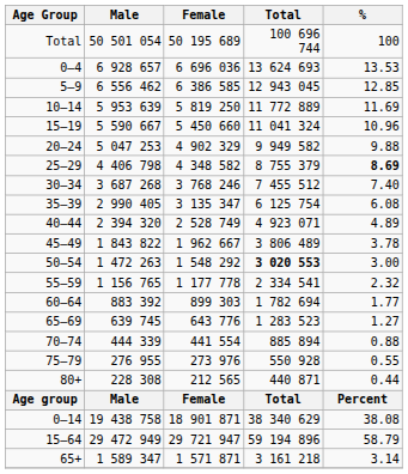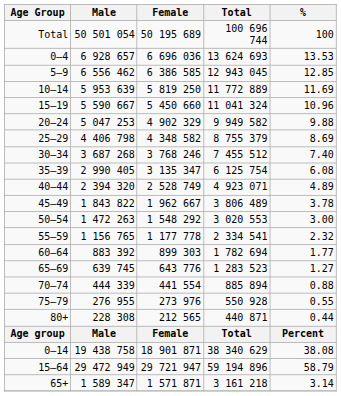 <table class="wikitable">
 <tr>
 <th width="80pt">Age Group</th>
 <th width="80pt">Male</th>
 <th width="80pt">Female</th>
 <th width="80pt">Total</th>
 <th width="80pt">%</th>
 </tr>
 <tr>
 <td align="right">Total</td>
 <td align="right">50 501 054</td>
 <td align="right">50 195 689</td>
 <td align="right">100 696 744</td>
 <td align="right">100</td>
 </tr>
 <tr>
 <td align="right">0–4</td>
 <td align="right">6 928 657</td>
 <td align="right">6 696 036</td>
 <td align="right">13 624 693</td>
 <td align="right">13.53</td>
 </tr>
 <tr>
 <td align="right">5–9</td>
 <td align="right">6 556 462</td>
 <td align="right">6 386 585</td>
 <td align="right">12 943 045</td>
 <td align="right">12.85</td>
 </tr>
 <tr>
 <td align="right">10–14</td>
 <td align="right">5 953 639</td>
 <td align="right">5 819 250</td>
 <td align="right">11 772 889</td>
 <td align="right">11.69</td>
 </tr>
 <tr>
 <td align="right">15–19</td>
 <td align="right">5 590 667</td>
 <td align="right">5 450 660</td>
 <td align="right">11 041 324</td>
 <td align="right">10.96</td>
 </tr>
 <tr>
 <td align="right">20–24</td>
 <td align="right">5 047 253</td>
 <td align="right">4 902 329</td>
 <td align="right">9 949 582</td>
 <td align="right">9.88</td>
 </tr>
 <tr>
 <td align="right">25–29</td>
 <td align="right">4 406 798</td>
 <td align="right">4 348 582</td>
 <td align="right">8 755 379</td>
-<td align="right"><strong>8.69</strong></td>
+<td align="right">8.69</td>
 </tr>
 <tr>
 <td align="right">30–34</td>
 <td align="right">3 687 268</td>
 <td align="right">3 768 246</td>
 <td align="right">7 455 512</td>
 <td align="right">7.40</td>
 </tr>
 <tr>
 <td align="right">35–39</td>
 <td align="right">2 990 405</td>
 <td align="right">3 135 347</td>
 <td align="right">6 125 754</td>
 <td align="right">6.08</td>
 </tr>
 <tr>
 <td align="right">40–44</td>
 <td align="right">2 394 320</td>
 <td align="right">2 528 749</td>
 <td align="right">4 923 071</td>
 <td align="right">4.89</td>
 </tr>
 <tr>
 <td align="right">45–49</td>
 <td align="right">1 843 822</td>
 <td align="right">1 962 667</td>
 <td align="right">3 806 489</td>
 <td align="right">3.78</td>
 </tr>
 <tr>
 <td align="right">50–54</td>
 <td align="right">1 472 263</td>
 <td align="right">1 548 292</td>
-<td align="right"><strong>3 020 553</strong></td>
+<td align="right">3 020 553</td>
 <td align="right">3.00</td>
 </tr>
 <tr>
 <td align="right">55–59</td>
 <td align="right">1 156 765</td>
 <td align="right">1 177 778</td>
 <td align="right">2 334 541</td>
 <td align="right">2.32</td>
 </tr>
 <tr>
 <td align="right">60–64</td>
 <td align="right">883 392</td>
 <td align="right">899 303</td>
 <td align="right">1 782 694</td>
 <td align="right">1.77</td>
 </tr>
 <tr>
 <td align="right">65–69</td>
 <td align="right">639 745</td>
 <td align="right">643 776</td>
 <td align="right">1 283 523</td>
 <td align="right">1.27</td>
 </tr>
 <tr>
 <td align="right">70–74</td>
 <td align="right">444 339</td>
 <td align="right">441 554</td>
 <td align="right">885 894</td>
 <td align="right">0.88</td>
 </tr>
 <tr>
 <td align="right">75–79</td>
 <td align="right">276 955</td>
 <td align="right">273 976</td>
 <td align="right">550 928</td>
 <td align="right">0.55</td>
 </tr>
 <tr>
 <td align="right">80+</td>
 <td align="right">228 308</td>
 <td align="right">212 565</td>
 <td align="right">440 871</td>
 <td align="right">0.44</td>
 </tr>
 <tr>
 <th width="50">Age group</th>
 <th width="80pt">Male</th>
 <th width="80">Female</th>
 <th width="80">Total</th>
 <th width="50">Percent</th>
 </tr>
 <tr>
 <td align="right">0–14</td>
 <td align="right">19 438 758</td>
 <td align="right">18 901 871</td>
 <td align="right">38 340 629</td>
 <td align="right">38.08</td>
 </tr>
 <tr>
 <td align="right">15–64</td>
 <td align="right">29 472 949</td>
 <td align="right">29 721 947</td>
 <td align="right">59 194 896</td>
 <td align="right">58.79</td>
 </tr>
 <tr>
 <td align="right">65+</td>
 <td align="right">1 589 347</td>
 <td align="right">1 571 871</td>
 <td align="right">3 161 218</td>
 <td align="right">3.14</td>
 </tr>
 <tr>
 </tr>
 </table>
